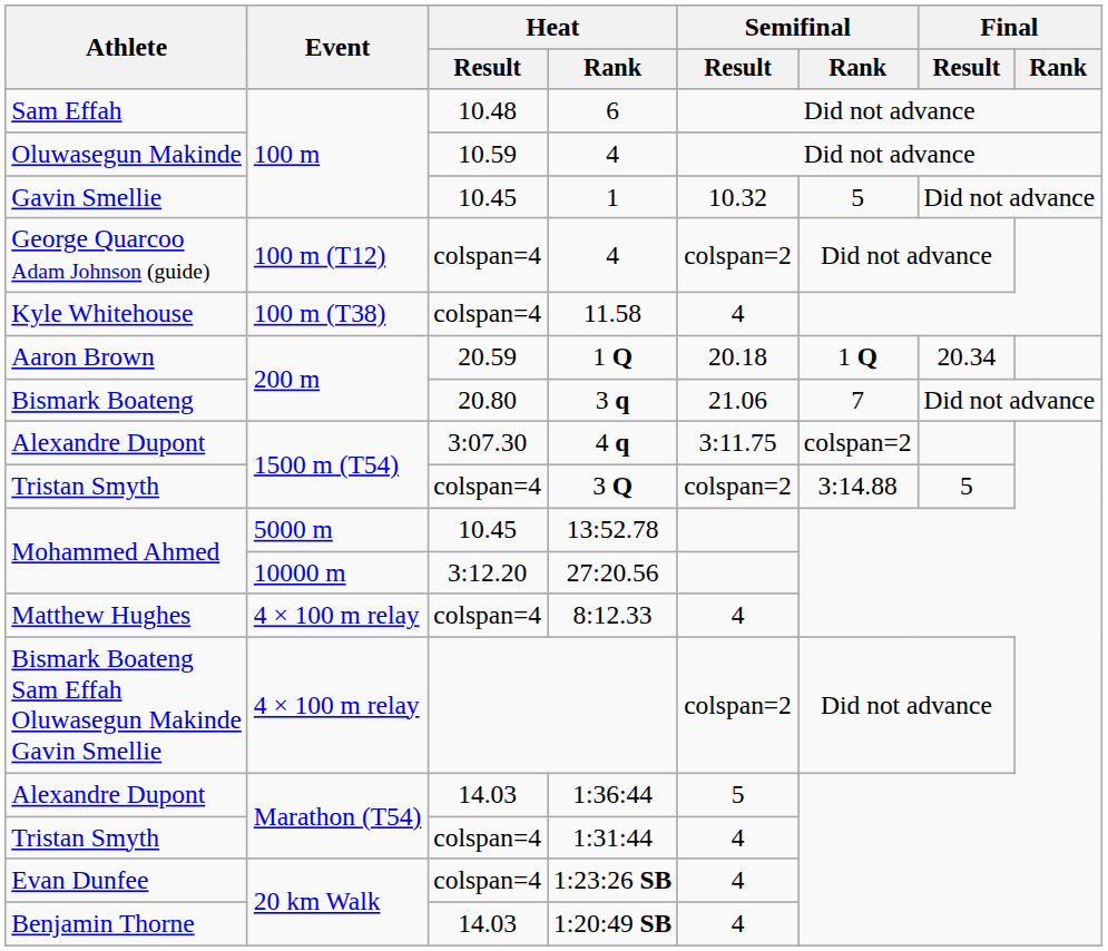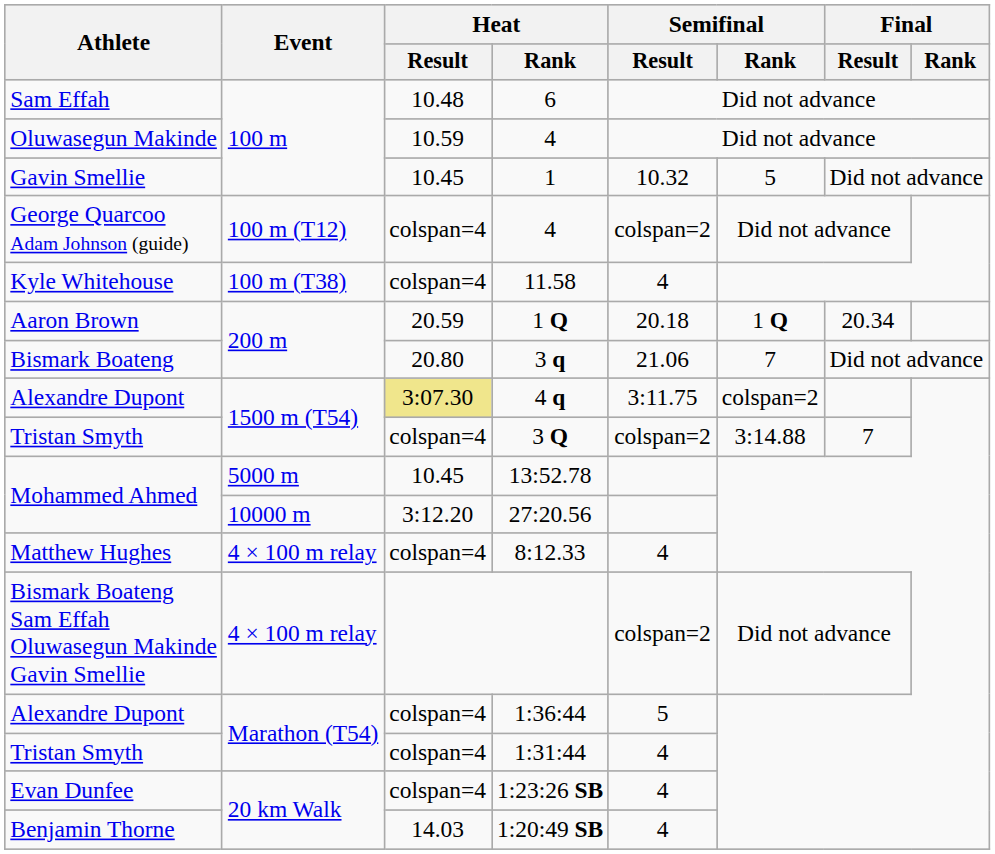 <table class="wikitable" style="font-size:90%">
 <tr>
 <th rowspan=2>Athlete</th>
 <th rowspan=2>Event</th>
 <th colspan=2>Heat</th>
 <th colspan=2>Semifinal</th>
 <th colspan=2>Final</th>
 </tr>
 <tr style="font-size:95%">
 <th>Result</th>
 <th>Rank</th>
 <th>Result</th>
 <th>Rank</th>
 <th>Result</th>
 <th>Rank</th>
 </tr>
 <tr align=center>
 <td align=left><a href='#'>Sam Effah</a></td>
 <td align=left rowspan=3><a href='#'>100 m</a></td>
 <td>10.48</td>
 <td>6</td>
 <td colspan=4>Did not advance</td>
 </tr>
 <tr align=center>
 <td align=left><a href='#'>Oluwasegun Makinde</a></td>
 <td>10.59</td>
 <td>4</td>
 <td colspan=4>Did not advance</td>
 </tr>
 <tr align=center>
 <td align=left><a href='#'>Gavin Smellie</a></td>
 <td>10.45</td>
 <td>1</td>
 <td>10.32</td>
 <td>5</td>
 <td colspan=2>Did not advance</td>
 </tr>
 <tr align=center>
 <td align=left><a href='#'>George Quarcoo</a><br><small><a href='#'>Adam Johnson</a> (guide)</small></td>
 <td align=left><a href='#'>100 m (T12)</a></td>
 <td>colspan=4 </td>
 <td>4</td>
 <td>colspan=2 </td>
 <td colspan=2>Did not advance</td>
 </tr>
 <tr align=center>
 <td align=left><a href='#'>Kyle Whitehouse</a></td>
 <td align=left><a href='#'>100 m (T38)</a></td>
 <td>colspan=4 </td>
 <td>11.58</td>
 <td>4</td>
 </tr>
 <tr align=center>
 <td align=left><a href='#'>Aaron Brown</a></td>
 <td align=left rowspan=2><a href='#'>200 m</a></td>
 <td>20.59</td>
 <td>1 <strong>Q</strong></td>
 <td>20.18</td>
 <td>1 <strong>Q</strong></td>
 <td>20.34</td>
 <td></td>
 </tr>
 <tr align=center>
 <td align=left><a href='#'>Bismark Boateng</a></td>
 <td>20.80</td>
 <td>3 <strong>q</strong></td>
 <td>21.06</td>
 <td>7</td>
 <td colspan=2>Did not advance</td>
 </tr>
 <tr align=center>
 <td align=left><a href='#'>Alexandre Dupont</a></td>
 <td align=left rowspan=2><a href='#'>1500 m (T54)</a></td>
-<td>3:07.30</td>
+<td style="background: khaki;">3:07.30</td>
 <td>4 <strong>q</strong></td>
 <td>3:11.75</td>
 <td>colspan=2 </td>
 <td></td>
 </tr>
 <tr align=center>
 <td align=left><a href='#'>Tristan Smyth</a></td>
 <td>colspan=4 </td>
 <td>3 <strong>Q</strong></td>
 <td>colspan=2 </td>
 <td>3:14.88</td>
-<td>5</td>
+<td>7</td>
 </tr>
 <tr align=center>
 <td align=left rowspan=2><a href='#'>Mohammed Ahmed</a></td>
 <td align=left><a href='#'>5000 m</a></td>
 <td>10.45</td>
 <td>13:52.78</td>
 <td></td>
 </tr>
 <tr align=center>
 <td align=left><a href='#'>10000 m</a></td>
 <td>3:12.20</td>
 <td>27:20.56</td>
 <td></td>
 </tr>
 <tr align=center>
 <td align=left><a href='#'>Matthew Hughes</a></td>
 <td align=left><a href='#'>4 × 100 m relay</a></td>
 <td>colspan=4 </td>
 <td>8:12.33</td>
 <td>4</td>
 </tr>
 <tr align=center>
 <td align=left><a href='#'>Bismark Boateng</a><br><a href='#'>Sam Effah</a><br><a href='#'>Oluwasegun Makinde</a><br><a href='#'>Gavin Smellie</a></td>
 <td align=left><a href='#'>4 × 100 m relay</a></td>
 <td colspan=2></td>
 <td>colspan=2 </td>
 <td colspan=2>Did not advance</td>
 </tr>
 <tr align=center>
 <td align=left><a href='#'>Alexandre Dupont</a></td>
 <td align=left rowspan=2><a href='#'>Marathon (T54)</a></td>
-<td>14.03</td>
+<td>colspan=4 </td>
 <td>1:36:44</td>
 <td>5</td>
 </tr>
 <tr align=center>
 <td align=left><a href='#'>Tristan Smyth</a></td>
 <td>colspan=4 </td>
 <td>1:31:44</td>
 <td>4</td>
 </tr>
 <tr align=center>
 <td align=left><a href='#'>Evan Dunfee</a></td>
 <td align=left rowspan=2><a href='#'>20 km Walk</a></td>
 <td>colspan=4 </td>
 <td>1:23:26 <strong>SB</strong></td>
 <td>4</td>
 </tr>
 <tr align=center>
 <td align=left><a href='#'>Benjamin Thorne</a></td>
 <td>14.03</td>
 <td>1:20:49 <strong>SB</strong></td>
 <td>4</td>
 </tr>
 </table>
